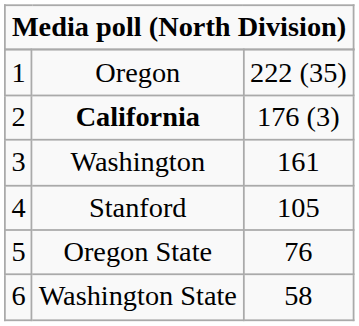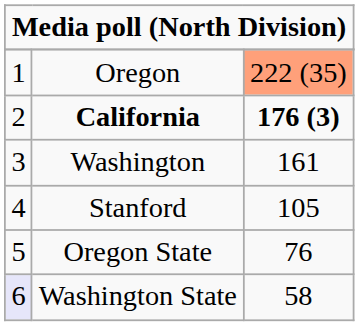 <table class="wikitable" style="display: inline-table;">
 <tr>
 <td align="center" Colspan="3"><strong>Media poll (North Division)</strong></td>
 </tr>
 <tr align="center">
 </tr>
 <tr align="center">
 <td>1</td>
 <td>Oregon</td>
-<td>222 (35)</td>
+<td style="background: lightsalmon;">222 (35)</td>
 </tr>
 <tr align="center">
 <td>2</td>
 <td><strong>California</strong></td>
-<td>176 (3)</td>
+<td><strong>176 (3)</strong></td>
 </tr>
 <tr align="center">
 <td>3</td>
 <td>Washington</td>
 <td>161</td>
 </tr>
 <tr align="center">
 <td>4</td>
 <td>Stanford</td>
 <td>105</td>
 </tr>
 <tr align="center">
 <td>5</td>
 <td>Oregon State</td>
 <td>76</td>
 </tr>
 <tr align="center">
-<td>6</td>
+<td style="background: lavender;">6</td>
 <td>Washington State</td>
 <td>58</td>
 </tr>
 </table>
